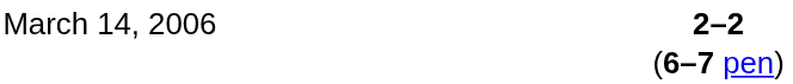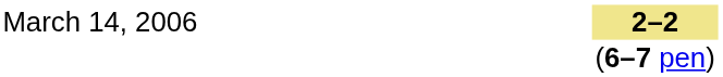 <table width=100% cellspacing=1>
 <tr>
 <th width=120></th>
 <th width=220></th>
 <th width=70></th>
 <th width=220></th>
 <th></th>
 </tr>
 <tr>
 <td align=right>March 14, 2006</td>
 <td align=right><strong></strong></td>
-<td align=center><strong>2–2</strong></td>
+<td align=center style="background: khaki;"><strong>2–2</strong></td>
 <td><strong></strong></td>
 </tr>
 <tr>
 <td></td>
 <td></td>
 <td align=center>(<strong>6–7</strong> <a href='#'>pen</a>)</td>
 <td></td>
 </tr>
 </table>
